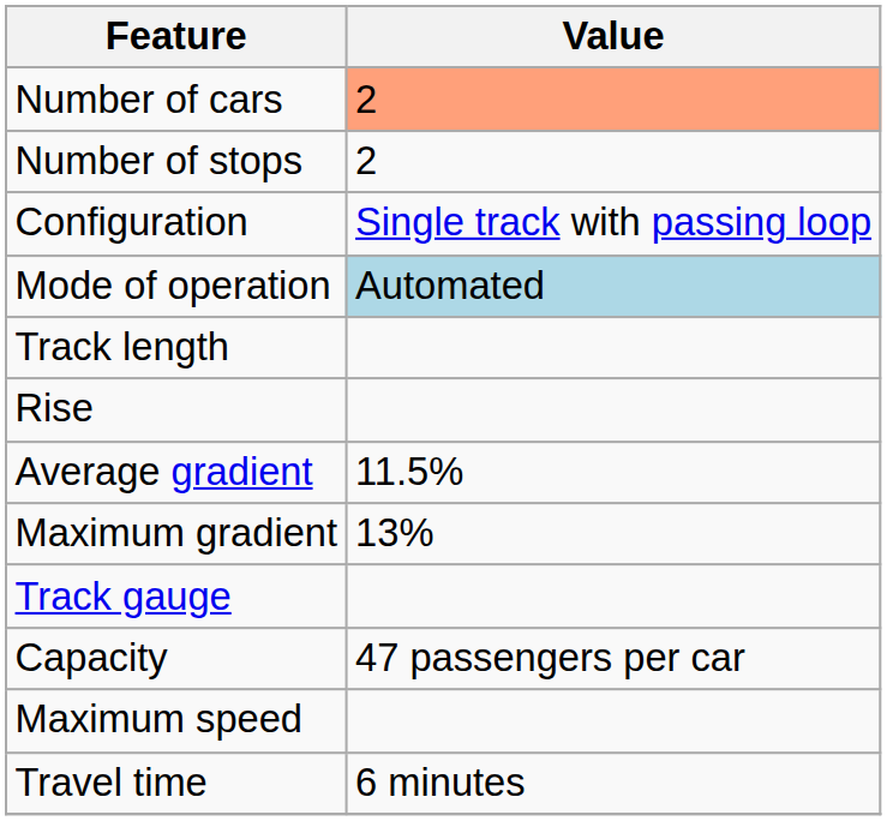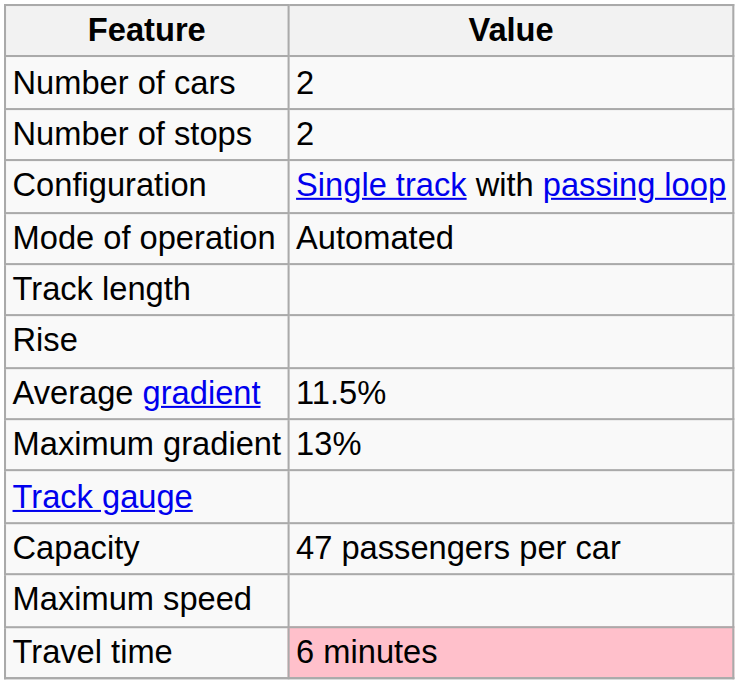 <table class="wikitable sortable mw-datatable plainrowheaders">
 <tr>
 <th>Feature</th>
 <th>Value</th>
 </tr>
 <tr>
 <td>Number of cars</td>
-<td style="background: lightsalmon;">2</td>
+<td>2</td>
 </tr>
 <tr>
 <td>Number of stops</td>
 <td>2</td>
 </tr>
 <tr>
 <td>Configuration</td>
 <td><a href='#'>Single track</a> with <a href='#'>passing loop</a></td>
 </tr>
 <tr>
 <td>Mode of operation</td>
-<td style="background: lightblue;">Automated</td>
+<td>Automated</td>
 </tr>
 <tr>
 <td>Track length</td>
 <td></td>
 </tr>
 <tr>
 <td>Rise</td>
 <td></td>
 </tr>
 <tr>
 <td>Average <a href='#'>gradient</a></td>
 <td>11.5%</td>
 </tr>
 <tr>
 <td>Maximum gradient</td>
 <td>13%</td>
 </tr>
 <tr>
 <td><a href='#'>Track gauge</a></td>
 <td></td>
 </tr>
 <tr>
 <td>Capacity</td>
 <td>47 passengers per car</td>
 </tr>
 <tr>
 <td>Maximum speed</td>
 <td></td>
 </tr>
 <tr>
 <td>Travel time</td>
-<td>6 minutes</td>
+<td style="background: pink;">6 minutes</td>
 </tr>
 <tr>
 </tr>
 </table>
